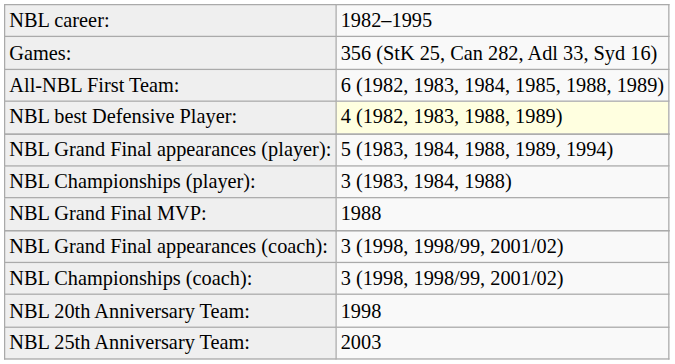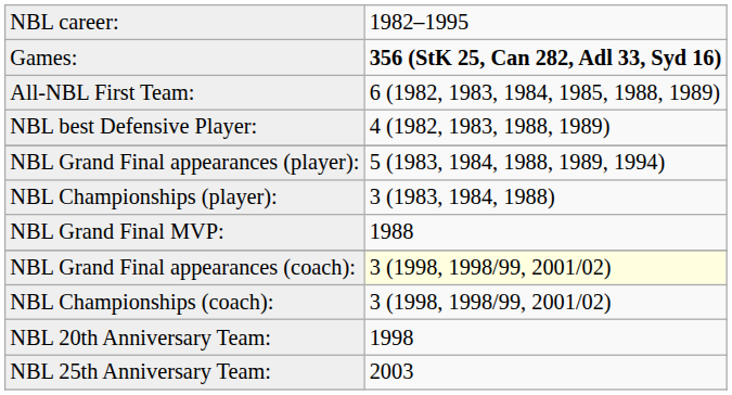 <table class="wikitable">
 <tr align=left>
 <td style="background:#efefef;">NBL career:</td>
 <td>1982–1995</td>
 </tr>
 <tr>
 <td style="background:#efefef;">Games:</td>
-<td>356 (StK 25, Can 282, Adl 33, Syd 16)</td>
+<td><strong>356 (StK 25, Can 282, Adl 33, Syd 16)</strong></td>
 </tr>
 <tr>
 <td style="background:#efefef;">All-NBL First Team:</td>
 <td>6 (1982, 1983, 1984, 1985, 1988, 1989)</td>
 </tr>
 <tr>
 <td style="background:#efefef;">NBL best Defensive Player:</td>
-<td style="background: lightyellow;">4 (1982, 1983, 1988, 1989)</td>
+<td>4 (1982, 1983, 1988, 1989)</td>
 </tr>
 <tr>
 </tr>
 <tr align=left>
 <td style="background:#efefef;">NBL Grand Final appearances (player):</td>
 <td>5 (1983, 1984, 1988, 1989, 1994)</td>
 </tr>
 <tr>
 <td style="background:#efefef;">NBL Championships (player):</td>
 <td>3 (1983, 1984, 1988)</td>
 </tr>
 <tr>
 <td style="background:#efefef;">NBL Grand Final MVP:</td>
 <td>1988</td>
 </tr>
 <tr>
 </tr>
 <tr align=left>
 <td style="background:#efefef;">NBL Grand Final appearances (coach):</td>
-<td>3 (1998, 1998/99, 2001/02)</td>
+<td style="background: lightyellow;">3 (1998, 1998/99, 2001/02)</td>
 </tr>
 <tr>
 <td style="background:#efefef;">NBL Championships (coach):</td>
 <td>3 (1998, 1998/99, 2001/02)</td>
 </tr>
 <tr>
 <td style="background:#efefef;">NBL 20th Anniversary Team:</td>
 <td>1998</td>
 </tr>
 <tr>
 <td style="background:#efefef;">NBL 25th Anniversary Team:</td>
 <td>2003</td>
 </tr>
 </table>
